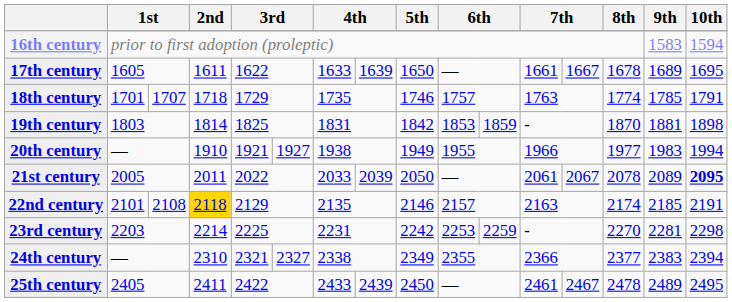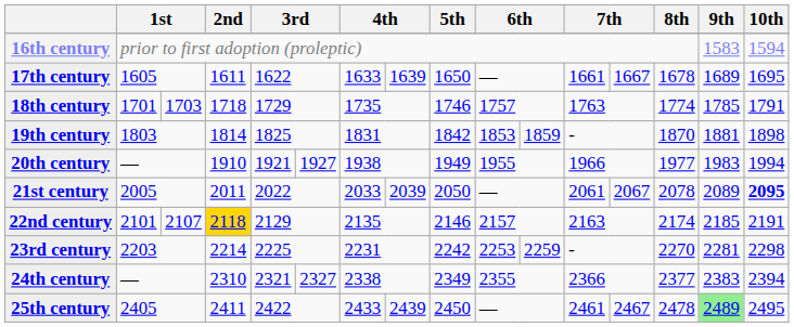 <table class="wikitable">
 <tr>
 <th scope=row></th>
 <th colspan=2>1st</th>
 <th>2nd</th>
 <th colspan=2>3rd</th>
 <th colspan=2>4th</th>
 <th>5th</th>
 <th colspan=2>6th</th>
 <th colspan=2>7th</th>
 <th>8th</th>
 <th>9th</th>
 <th>10th</th>
 </tr>
 <tr>
 </tr>
 <tr style="opacity: 0.5;">
 <th style="background-color:#efefef;"><a href='#'>16th century</a></th>
 <td colspan=13><em>prior to first adoption (proleptic)</em></td>
 <td><a href='#'>1583</a></td>
 <td><a href='#'>1594</a></td>
 </tr>
 <tr>
 <th style="background-color:#efefef;"><a href='#'>17th century</a></th>
 <td colspan=2><a href='#'>1605</a></td>
 <td><a href='#'>1611</a></td>
 <td colspan=2><a href='#'>1622</a></td>
 <td><a href='#'>1633</a></td>
 <td><a href='#'>1639</a></td>
 <td><a href='#'>1650</a></td>
 <td colspan=2>—</td>
 <td><a href='#'>1661</a></td>
 <td><a href='#'>1667</a></td>
 <td><a href='#'>1678</a></td>
 <td><a href='#'>1689</a></td>
 <td><a href='#'>1695</a></td>
 </tr>
 <tr>
 <th style="background-color:#efefef;"><a href='#'>18th century</a></th>
 <td><a href='#'>1701</a></td>
-<td><a href='#'>1707</a></td>
+<td><a href='#'>1703</a></td>
 <td><a href='#'>1718</a></td>
 <td colspan=2><a href='#'>1729</a></td>
 <td colspan=2><a href='#'>1735</a></td>
 <td><a href='#'>1746</a></td>
 <td colspan=2><a href='#'>1757</a></td>
 <td colspan=2><a href='#'>1763</a></td>
 <td><a href='#'>1774</a></td>
 <td><a href='#'>1785</a></td>
 <td><a href='#'>1791</a></td>
 </tr>
 <tr>
 <th style="background-color:#efefef;"><a href='#'>19th century</a></th>
 <td colspan=2><a href='#'>1803</a></td>
 <td><a href='#'>1814</a></td>
 <td colspan=2><a href='#'>1825</a></td>
 <td colspan=2><a href='#'>1831</a></td>
 <td><a href='#'>1842</a></td>
 <td><a href='#'>1853</a></td>
 <td><a href='#'>1859</a></td>
 <td colspan=2>-</td>
 <td><a href='#'>1870</a></td>
 <td><a href='#'>1881</a></td>
 <td><a href='#'>1898</a></td>
 </tr>
 <tr>
 <th style="background-color:#efefef;"><a href='#'>20th century</a></th>
 <td colspan=2>—</td>
 <td><a href='#'>1910</a></td>
 <td><a href='#'>1921</a></td>
 <td><a href='#'>1927</a></td>
 <td colspan=2><a href='#'>1938</a></td>
 <td><a href='#'>1949</a></td>
 <td colspan=2><a href='#'>1955</a></td>
 <td colspan=2><a href='#'>1966</a></td>
 <td><a href='#'>1977</a></td>
 <td><a href='#'>1983</a></td>
 <td><a href='#'>1994</a></td>
 </tr>
 <tr>
 <th style="background-color:#efefef;"><a href='#'>21st century</a></th>
 <td colspan=2><a href='#'>2005</a></td>
 <td><a href='#'>2011</a></td>
 <td colspan=2><a href='#'>2022</a></td>
 <td><a href='#'>2033</a></td>
 <td><a href='#'>2039</a></td>
 <td><a href='#'>2050</a></td>
 <td colspan=2>—</td>
 <td><a href='#'>2061</a></td>
 <td><a href='#'>2067</a></td>
 <td><a href='#'>2078</a></td>
 <td><a href='#'>2089</a></td>
 <td><strong><a href='#'>2095</a></strong></td>
 </tr>
 <tr>
 <th style="background-color:#efefef;"><a href='#'>22nd century</a></th>
 <td><a href='#'>2101</a></td>
-<td><a href='#'>2108</a></td>
+<td><a href='#'>2107</a></td>
 <td style="background: gold;"><a href='#'>2118</a></td>
 <td colspan=2><a href='#'>2129</a></td>
 <td colspan=2><a href='#'>2135</a></td>
 <td><a href='#'>2146</a></td>
 <td colspan=2><a href='#'>2157</a></td>
 <td colspan=2><a href='#'>2163</a></td>
 <td><a href='#'>2174</a></td>
 <td><a href='#'>2185</a></td>
 <td><a href='#'>2191</a></td>
 </tr>
 <tr>
 <th style="background-color:#efefef;"><a href='#'>23rd century</a></th>
 <td colspan=2><a href='#'>2203</a></td>
 <td><a href='#'>2214</a></td>
 <td colspan=2><a href='#'>2225</a></td>
 <td colspan=2><a href='#'>2231</a></td>
 <td><a href='#'>2242</a></td>
 <td><a href='#'>2253</a></td>
 <td><a href='#'>2259</a></td>
 <td colspan=2>-</td>
 <td><a href='#'>2270</a></td>
 <td><a href='#'>2281</a></td>
 <td><a href='#'>2298</a></td>
 </tr>
 <tr>
 <th style="background-color:#efefef;"><a href='#'>24th century</a></th>
 <td colspan=2>—</td>
 <td><a href='#'>2310</a></td>
 <td><a href='#'>2321</a></td>
 <td><a href='#'>2327</a></td>
 <td colspan=2><a href='#'>2338</a></td>
 <td><a href='#'>2349</a></td>
 <td colspan=2><a href='#'>2355</a></td>
 <td colspan=2><a href='#'>2366</a></td>
 <td><a href='#'>2377</a></td>
 <td><a href='#'>2383</a></td>
 <td><a href='#'>2394</a></td>
 </tr>
 <tr>
 <th style="background-color:#efefef;"><a href='#'>25th century</a></th>
 <td colspan=2><a href='#'>2405</a></td>
 <td><a href='#'>2411</a></td>
 <td colspan=2><a href='#'>2422</a></td>
 <td><a href='#'>2433</a></td>
 <td><a href='#'>2439</a></td>
 <td><a href='#'>2450</a></td>
 <td colspan=2>—</td>
 <td><a href='#'>2461</a></td>
 <td><a href='#'>2467</a></td>
 <td><a href='#'>2478</a></td>
-<td><a href='#'>2489</a></td>
+<td style="background: lightgreen;"><a href='#'>2489</a></td>
 <td><a href='#'>2495</a></td>
 </tr>
 </table>
